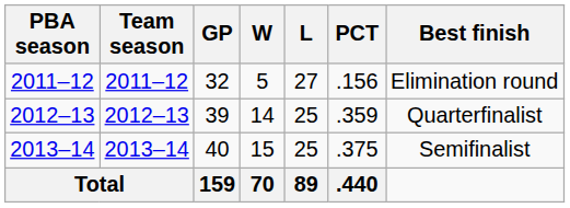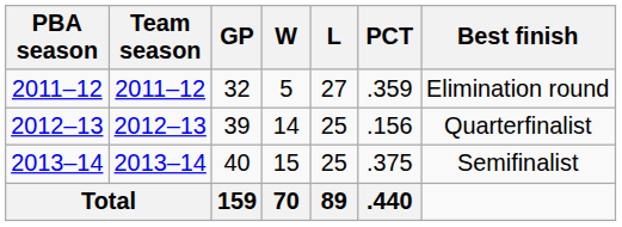 <table class=wikitable style="text-align:center;">
 <tr>
 <th>PBA <br>season</th>
 <th>Team<br>season</th>
 <th width=25>GP</th>
 <th width=25>W</th>
 <th width=25>L</th>
 <th width=35>PCT</th>
 <th>Best finish</th>
 </tr>
 <tr>
 <td><a href='#'>2011–12</a></td>
 <td><a href='#'>2011–12</a></td>
 <td>32</td>
 <td>5</td>
 <td>27</td>
-<td>.156</td>
+<td>.359</td>
 <td>Elimination round</td>
 </tr>
 <tr>
 <td><a href='#'>2012–13</a></td>
 <td><a href='#'>2012–13</a></td>
 <td>39</td>
 <td>14</td>
 <td>25</td>
-<td>.359</td>
+<td>.156</td>
 <td>Quarterfinalist</td>
 </tr>
 <tr>
 <td><a href='#'>2013–14</a></td>
 <td><a href='#'>2013–14</a></td>
 <td>40</td>
 <td>15</td>
 <td>25</td>
 <td>.375</td>
 <td>Semifinalist</td>
 </tr>
 <tr>
 <th colspan=2>Total</th>
 <th>159</th>
 <th>70</th>
 <th>89</th>
 <th>.440</th>
 </tr>
 </table>
